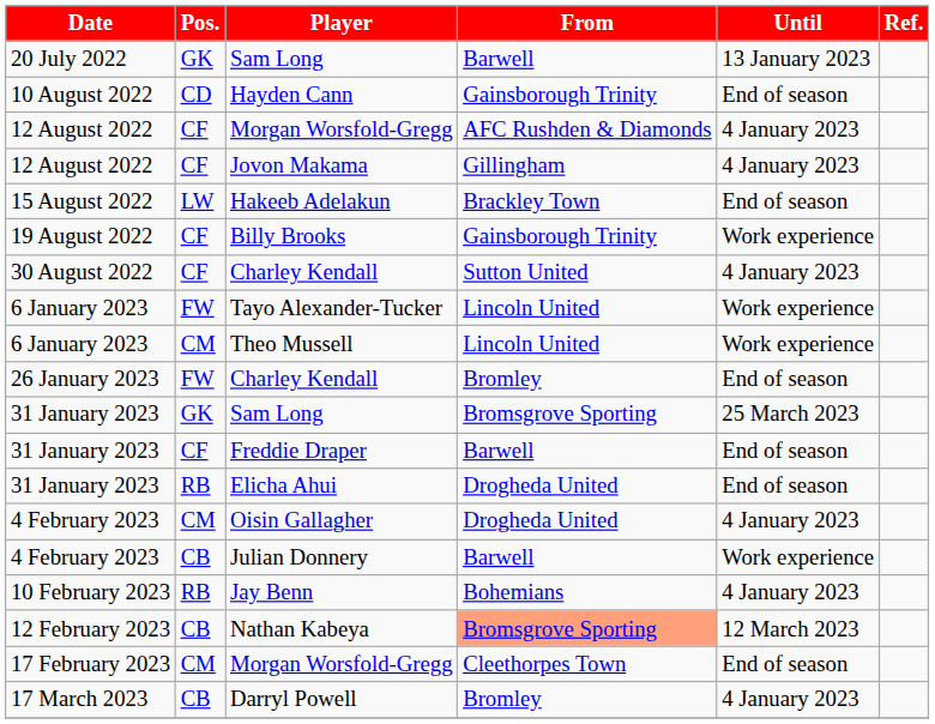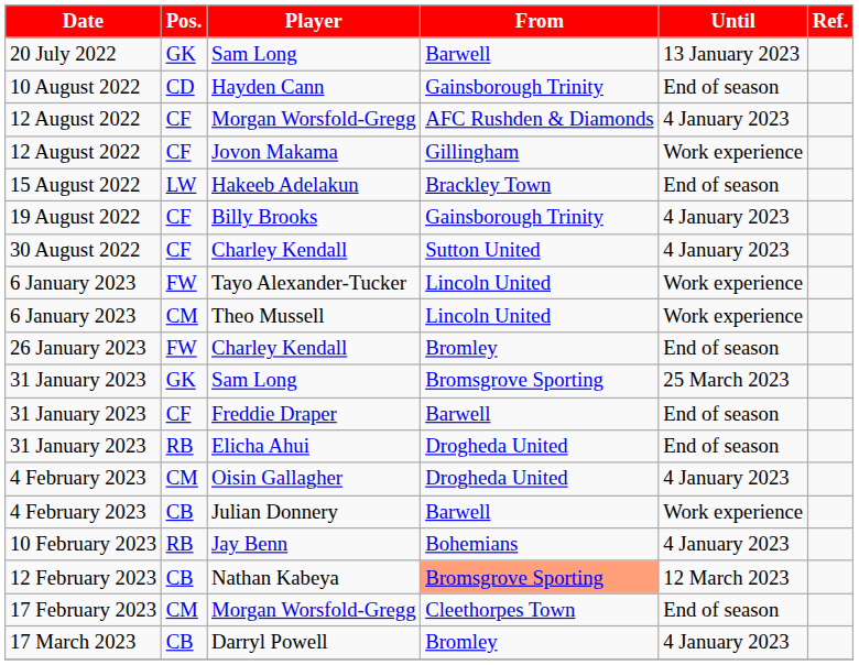 <table class="wikitable plainrowheaders sortable">
 <tr>
 <th style="background:#FF0000; color:#ffffff; ">Date</th>
 <th style="background:#FF0000; color:#ffffff; ">Pos.</th>
 <th style="background:#FF0000; color:#ffffff; ">Player</th>
 <th style="background:#FF0000; color:#ffffff; ">From</th>
 <th style="background:#FF0000; color:#ffffff; ">Until</th>
 <th style="background:#FF0000; color:#ffffff; ">Ref.</th>
 </tr>
 <tr>
 <td>20 July 2022</td>
 <td><a href='#'>GK</a></td>
 <td> <a href='#'>Sam Long</a></td>
 <td> <a href='#'>Barwell</a></td>
 <td>13 January 2023</td>
 <td></td>
 </tr>
 <tr>
 <td>10 August 2022</td>
 <td><a href='#'>CD</a></td>
 <td> <a href='#'>Hayden Cann</a></td>
 <td> <a href='#'>Gainsborough Trinity</a></td>
 <td>End of season</td>
 <td></td>
 </tr>
 <tr>
 <td>12 August 2022</td>
 <td><a href='#'>CF</a></td>
 <td> <a href='#'>Morgan Worsfold-Gregg</a></td>
 <td> <a href='#'>AFC Rushden & Diamonds</a></td>
 <td>4 January 2023</td>
 <td></td>
 </tr>
 <tr>
 <td>12 August 2022</td>
 <td><a href='#'>CF</a></td>
 <td> <a href='#'>Jovon Makama</a></td>
 <td> <a href='#'>Gillingham</a></td>
-<td>4 January 2023</td>
+<td>Work experience</td>
 <td></td>
 </tr>
 <tr>
 <td>15 August 2022</td>
 <td><a href='#'>LW</a></td>
 <td> <a href='#'>Hakeeb Adelakun</a></td>
 <td> <a href='#'>Brackley Town</a></td>
 <td>End of season</td>
 <td></td>
 </tr>
 <tr>
 <td>19 August 2022</td>
 <td><a href='#'>CF</a></td>
 <td> <a href='#'>Billy Brooks</a></td>
 <td> <a href='#'>Gainsborough Trinity</a></td>
-<td>Work experience</td>
+<td>4 January 2023</td>
 <td></td>
 </tr>
 <tr>
 <td>30 August 2022</td>
 <td><a href='#'>CF</a></td>
 <td> <a href='#'>Charley Kendall</a></td>
 <td> <a href='#'>Sutton United</a></td>
 <td>4 January 2023</td>
 <td></td>
 </tr>
 <tr>
 <td>6 January 2023</td>
 <td><a href='#'>FW</a></td>
 <td> Tayo Alexander-Tucker</td>
 <td> <a href='#'>Lincoln United</a></td>
 <td>Work experience</td>
 <td></td>
 </tr>
 <tr>
 <td>6 January 2023</td>
 <td><a href='#'>CM</a></td>
 <td> Theo Mussell</td>
 <td> <a href='#'>Lincoln United</a></td>
 <td>Work experience</td>
 <td></td>
 </tr>
 <tr>
 <td>26 January 2023</td>
 <td><a href='#'>FW</a></td>
 <td> <a href='#'>Charley Kendall</a></td>
 <td> <a href='#'>Bromley</a></td>
 <td>End of season</td>
 <td></td>
 </tr>
 <tr>
 <td>31 January 2023</td>
 <td><a href='#'>GK</a></td>
 <td> <a href='#'>Sam Long</a></td>
 <td> <a href='#'>Bromsgrove Sporting</a></td>
 <td>25 March 2023</td>
 <td></td>
 </tr>
 <tr>
 <td>31 January 2023</td>
 <td><a href='#'>CF</a></td>
 <td> <a href='#'>Freddie Draper</a></td>
 <td> <a href='#'>Barwell</a></td>
 <td>End of season</td>
 <td></td>
 </tr>
 <tr>
 <td>31 January 2023</td>
 <td><a href='#'>RB</a></td>
 <td> <a href='#'>Elicha Ahui</a></td>
 <td> <a href='#'>Drogheda United</a></td>
 <td>End of season</td>
 <td></td>
 </tr>
 <tr>
 <td>4 February 2023</td>
 <td><a href='#'>CM</a></td>
 <td> <a href='#'>Oisin Gallagher</a></td>
 <td> <a href='#'>Drogheda United</a></td>
 <td>4 January 2023</td>
 <td></td>
 </tr>
 <tr>
 <td>4 February 2023</td>
 <td><a href='#'>CB</a></td>
 <td> Julian Donnery</td>
 <td> <a href='#'>Barwell</a></td>
 <td>Work experience</td>
 <td></td>
 </tr>
 <tr>
 <td>10 February 2023</td>
 <td><a href='#'>RB</a></td>
 <td> <a href='#'>Jay Benn</a></td>
 <td> <a href='#'>Bohemians</a></td>
 <td>4 January 2023</td>
 <td></td>
 </tr>
 <tr>
 <td>12 February 2023</td>
 <td><a href='#'>CB</a></td>
 <td> Nathan Kabeya</td>
 <td style="background: lightsalmon;"> <a href='#'>Bromsgrove Sporting</a></td>
 <td>12 March 2023</td>
 <td></td>
 </tr>
 <tr>
 <td>17 February 2023</td>
 <td><a href='#'>CM</a></td>
 <td> <a href='#'>Morgan Worsfold-Gregg</a></td>
 <td> <a href='#'>Cleethorpes Town</a></td>
 <td>End of season</td>
 <td></td>
 </tr>
 <tr>
 <td>17 March 2023</td>
 <td><a href='#'>CB</a></td>
 <td> Darryl Powell</td>
 <td> <a href='#'>Bromley</a></td>
 <td>4 January 2023</td>
 <td></td>
 </tr>
 <tr>
 </tr>
 </table>
